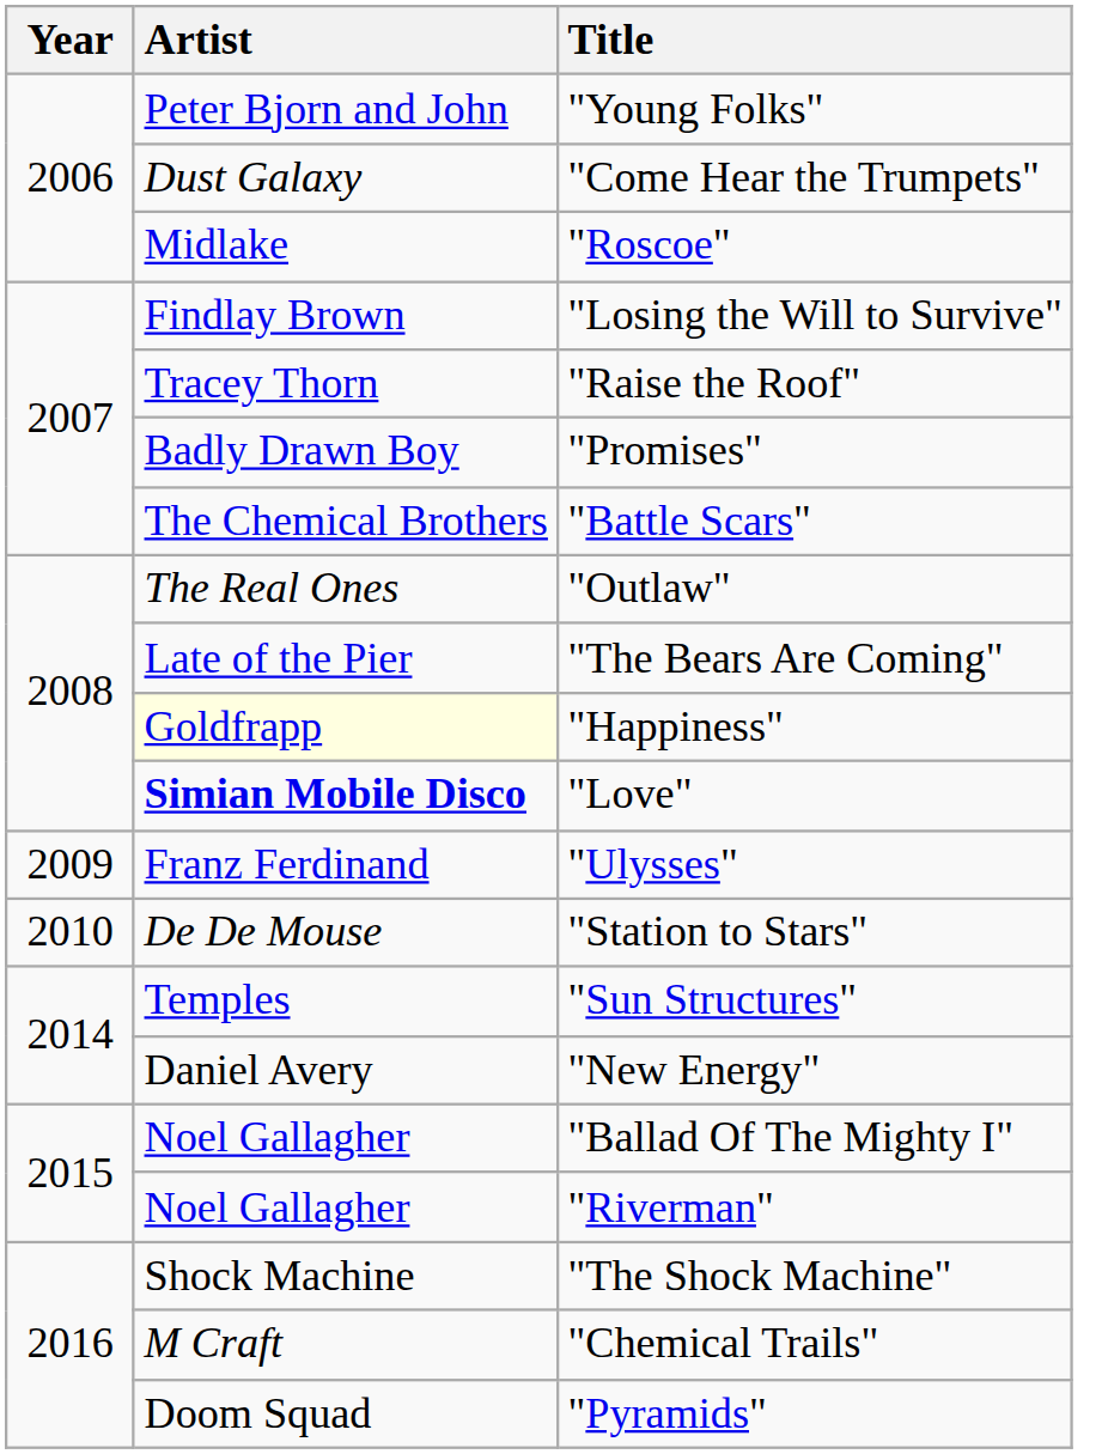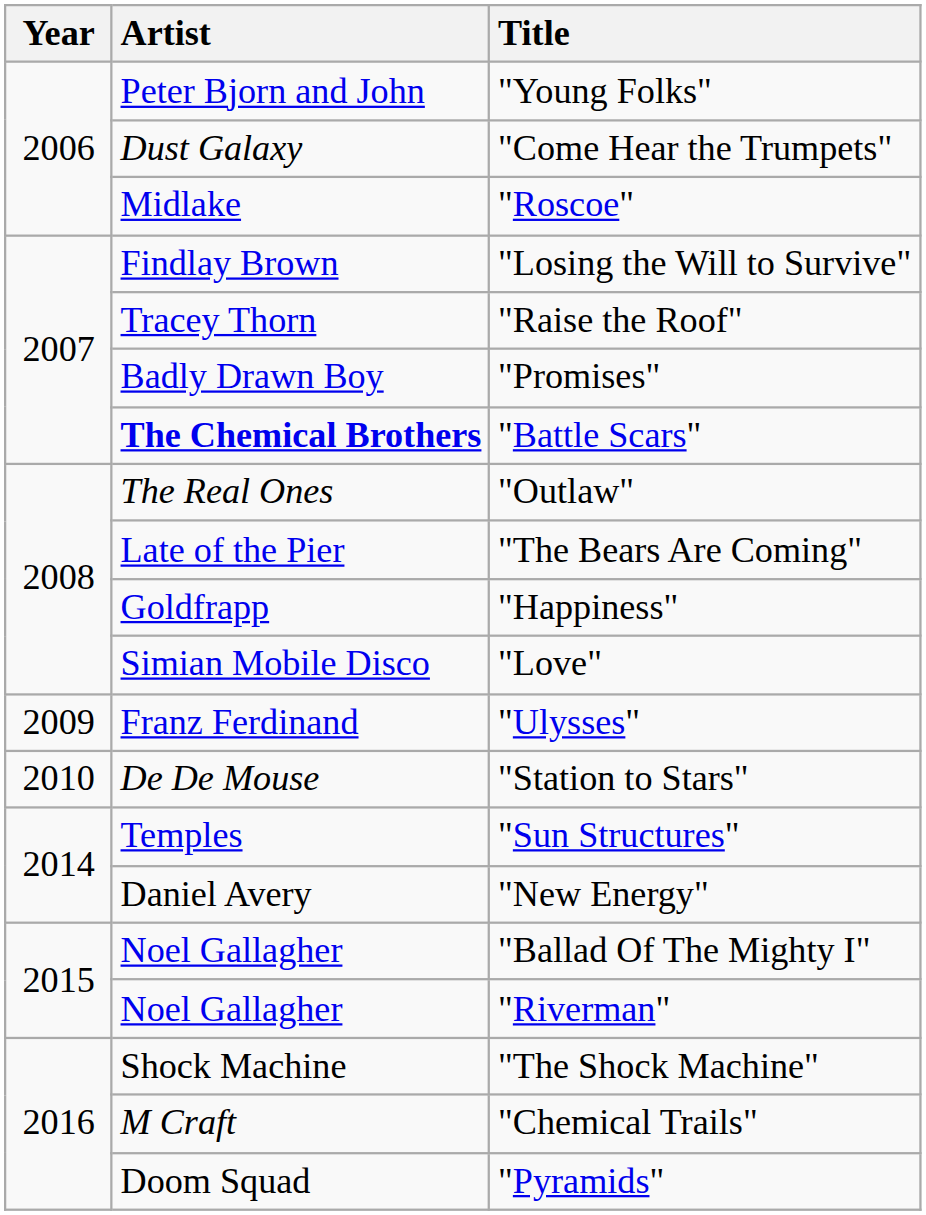 <table class="wikitable">
 <tr>
 <th style="vertical-align:top; text-align:center; width:40px;">Year</th>
 <th style="text-align:left">Artist</th>
 <th style="text-align:left">Title</th>
 </tr>
 <tr>
 <td align="center" rowspan="3">2006</td>
 <td><a href='#'>Peter Bjorn and John</a></td>
 <td>"Young Folks"</td>
 </tr>
 <tr>
 <td><em>Dust Galaxy</em></td>
 <td>"Come Hear the Trumpets"</td>
 </tr>
 <tr>
 <td><a href='#'>Midlake</a></td>
 <td>"<a href='#'>Roscoe</a>"</td>
 </tr>
 <tr>
 <td align="center" rowspan="4">2007</td>
 <td><a href='#'>Findlay Brown</a></td>
 <td>"Losing the Will to Survive"</td>
 </tr>
 <tr>
 <td><a href='#'>Tracey Thorn</a></td>
 <td>"Raise the Roof"</td>
 </tr>
 <tr>
 <td><a href='#'>Badly Drawn Boy</a></td>
 <td>"Promises"</td>
 </tr>
 <tr>
-<td><a href='#'>The Chemical Brothers</a></td>
+<td><strong><a href='#'>The Chemical Brothers</a></strong></td>
 <td>"<a href='#'>Battle Scars</a>"</td>
 </tr>
 <tr>
 <td align="center" rowspan="4">2008</td>
 <td><em>The Real Ones</em></td>
 <td>"Outlaw"</td>
 </tr>
 <tr>
 <td><a href='#'>Late of the Pier</a></td>
 <td>"The Bears Are Coming"</td>
 </tr>
 <tr>
-<td style="background: lightyellow;"><a href='#'>Goldfrapp</a></td>
+<td><a href='#'>Goldfrapp</a></td>
 <td>"Happiness"</td>
 </tr>
 <tr>
-<td><strong><a href='#'>Simian Mobile Disco</a></strong></td>
+<td><a href='#'>Simian Mobile Disco</a></td>
 <td>"Love"</td>
 </tr>
 <tr>
 <td style="text-align:center">2009</td>
 <td><a href='#'>Franz Ferdinand</a></td>
 <td>"<a href='#'>Ulysses</a>"</td>
 </tr>
 <tr>
 <td align="center">2010</td>
 <td><em>De De Mouse</em></td>
 <td>"Station to Stars"</td>
 </tr>
 <tr>
 <td align="center" rowspan="2">2014</td>
 <td><a href='#'>Temples</a></td>
 <td>"<a href='#'>Sun Structures</a>"</td>
 </tr>
 <tr>
 <td>Daniel Avery</td>
 <td>"New Energy"</td>
 </tr>
 <tr>
 <td align="center" rowspan="2">2015</td>
 <td><a href='#'>Noel Gallagher</a></td>
 <td>"Ballad Of The Mighty I"</td>
 </tr>
 <tr>
 <td><a href='#'>Noel Gallagher</a></td>
 <td>"<a href='#'>Riverman</a>"</td>
 </tr>
 <tr>
 <td align="center" rowspan="3">2016</td>
 <td>Shock Machine</td>
 <td>"The Shock Machine"</td>
 </tr>
 <tr>
 <td><em>M Craft</em></td>
 <td>"Chemical Trails"</td>
 </tr>
 <tr>
 <td>Doom Squad</td>
 <td>"<a href='#'>Pyramids</a>"</td>
 </tr>
 </table>
